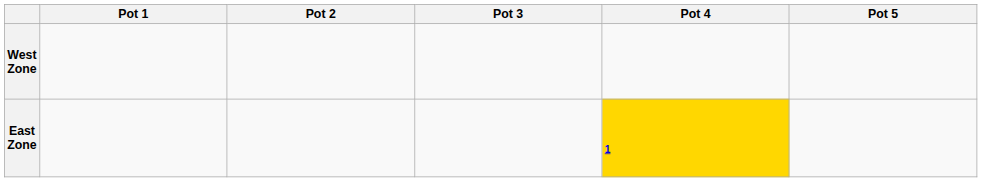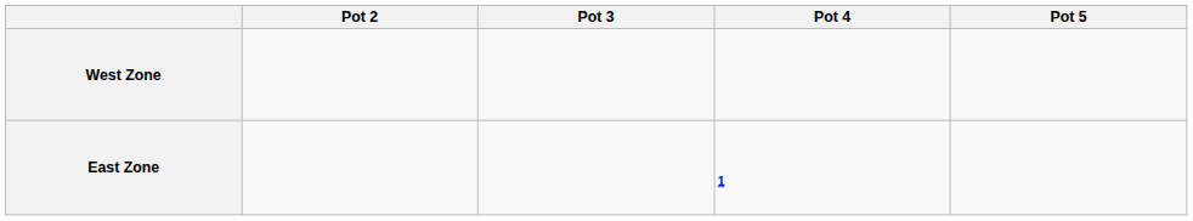 <table class="wikitable" style="width:100%;">
 <tr>
 <th></th>
-<th width=20%>Pot 1</th>
 <th width=20%>Pot 2</th>
 <th width=20%>Pot 3</th>
 <th width=20%>Pot 4</th>
 <th width=20%>Pot 5</th>
 </tr>
 <tr>
 <th>West Zone<br></th>
 <td valign=top><br><br> <br> <br> <br> </td>
 <td valign=top><br><br> <br> <br> <br> </td>
 <td valign=top><br><br> <br> <br> <br> </td>
-<td valign=top><br><br> <br> <br> <br> </td>
 <td valign=top><br><br> <br> </td>
 </tr>
 <tr>
 <th>East Zone<br></th>
 <td valign=top><br><br> <br> <br> <br> </td>
 <td valign=top><br><br> <br> <br> <br> </td>
-<td valign=top><br><br> <br> <br> <br> </td>
-<td valign=top style="background: gold;"><br><br> <br> <sup><strong><a href='#'>1</a></strong></sup><br> <br> </td>
+<td valign=top><br><br> <br> <sup><strong><a href='#'>1</a></strong></sup><br> <br> </td>
 <td valign=top></td>
 </tr>
 </table>
